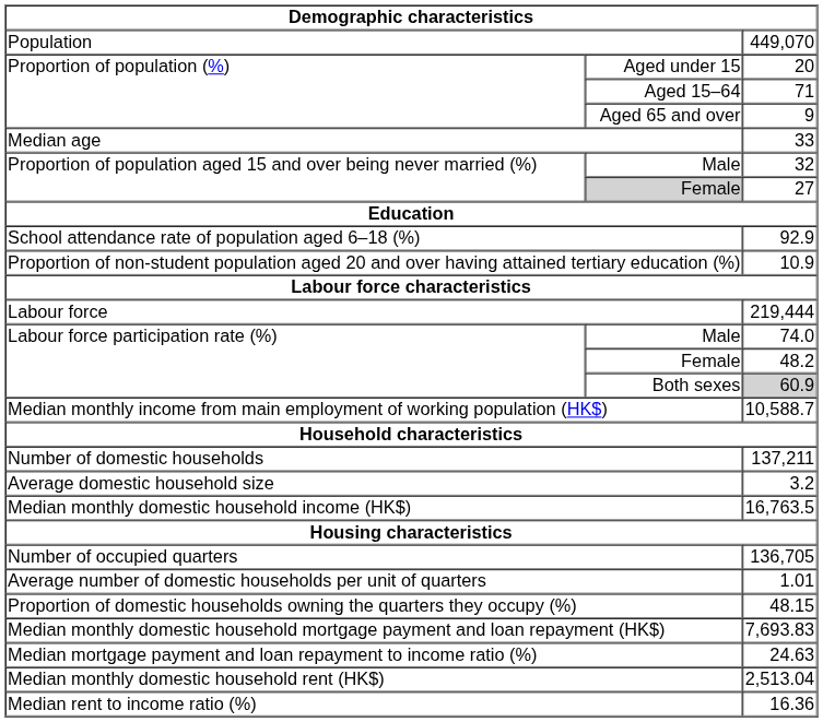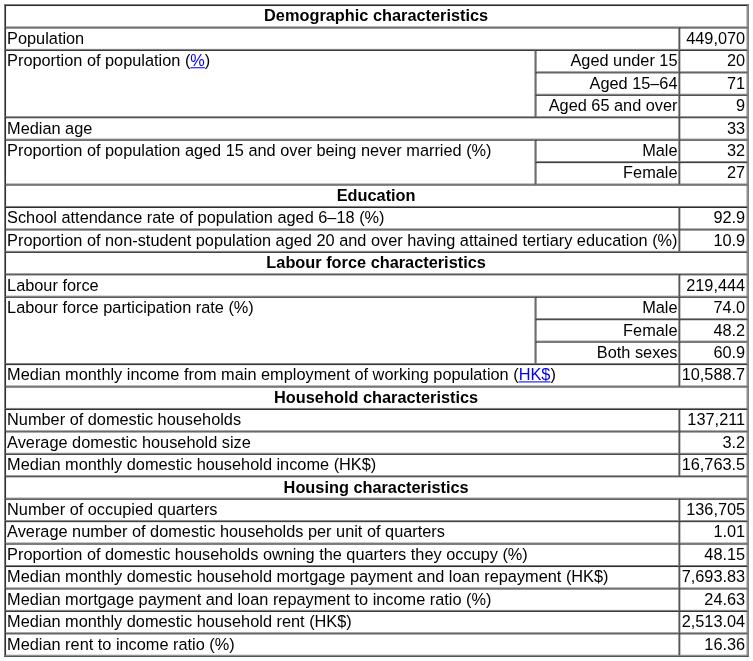 <table border="1" cellspacing=0>
 <tr>
 <th colspan="3">Demographic characteristics</th>
 </tr>
 <tr>
 <td colspan="2">Population</td>
 <td align="right">449,070</td>
 </tr>
 <tr>
 <td rowspan="3" valign="top">Proportion of population (<a href='#'>%</a>)</td>
 <td align="right">Aged under 15</td>
 <td align="right">20</td>
 </tr>
 <tr align="right">
 <td>Aged 15–64</td>
 <td>71</td>
 </tr>
 <tr align="right">
 <td>Aged 65 and over</td>
 <td>9</td>
 </tr>
 <tr>
 <td colspan="2">Median age</td>
 <td align="right">33</td>
 </tr>
 <tr>
 <td rowspan="2" valign="top">Proportion of population aged 15 and over being never married (%)</td>
 <td align="right">Male</td>
 <td align="right">32</td>
 </tr>
 <tr align="right">
-<td style="background: lightgrey;">Female</td>
+<td>Female</td>
 <td>27</td>
 </tr>
 <tr>
 <th colspan="3">Education</th>
 </tr>
 <tr>
 <td colspan="2">School attendance rate of population aged 6–18 (%)</td>
 <td align="right">92.9</td>
 </tr>
 <tr>
 <td colspan="2">Proportion of non-student population aged 20 and over having attained tertiary education (%)</td>
 <td align="right">10.9</td>
 </tr>
 <tr>
 <th colspan="3">Labour force characteristics</th>
 </tr>
 <tr>
 <td colspan="2">Labour force</td>
 <td align="right">219,444</td>
 </tr>
 <tr>
 <td rowspan="3" valign="top">Labour force participation rate (%)</td>
 <td align="right">Male</td>
 <td align="right">74.0</td>
 </tr>
 <tr align="right">
 <td>Female</td>
 <td>48.2</td>
 </tr>
 <tr align="right">
 <td>Both sexes</td>
-<td style="background: lightgrey;">60.9</td>
+<td>60.9</td>
 </tr>
 <tr>
 <td colspan="2">Median monthly income from main employment of working population (<a href='#'>HK$</a>)</td>
 <td align="right">10,588.7</td>
 </tr>
 <tr>
 <th colspan="3">Household characteristics</th>
 </tr>
 <tr>
 <td colspan="2">Number of domestic households</td>
 <td align="right">137,211</td>
 </tr>
 <tr>
 <td colspan="2">Average domestic household size</td>
 <td align="right">3.2</td>
 </tr>
 <tr>
 <td colspan="2">Median monthly domestic household income (HK$)</td>
 <td align="right">16,763.5</td>
 </tr>
 <tr>
 <th colspan="3">Housing characteristics</th>
 </tr>
 <tr>
 <td colspan="2">Number of occupied quarters</td>
 <td align="right">136,705</td>
 </tr>
 <tr>
 <td colspan="2">Average number of domestic households per unit of quarters</td>
 <td align="right">1.01</td>
 </tr>
 <tr>
 <td colspan="2">Proportion of domestic households owning the quarters they occupy (%)</td>
 <td align="right">48.15</td>
 </tr>
 <tr>
 <td colspan="2">Median monthly domestic household mortgage payment and loan repayment (HK$)</td>
 <td align="right">7,693.83</td>
 </tr>
 <tr>
 <td colspan="2">Median mortgage payment and loan repayment to income ratio (%)</td>
 <td align="right">24.63</td>
 </tr>
 <tr>
 <td colspan="2">Median monthly domestic household rent (HK$)</td>
 <td align="right">2,513.04</td>
 </tr>
 <tr>
 <td colspan="2">Median rent to income ratio (%)</td>
 <td align="right">16.36</td>
 </tr>
 </table>
